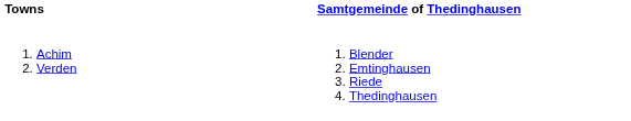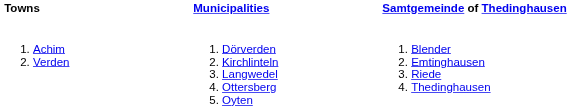 <table>
 <tr>
 <th align=left width=33%>Towns</th>
+<th align=left width=33%><a href='#'>Municipalities</a></th>
 <th align=left width=33%><a href='#'>Samtgemeinde</a> of <a href='#'>Thedinghausen</a></th>
 </tr>
 <tr valign=top>
 <td><br><ol><li><a href='#'>Achim</a></li><li><a href='#'>Verden</a></li></ol></td>
+<td><br><ol><li><a href='#'>Dörverden</a></li><li><a href='#'>Kirchlinteln</a></li><li><a href='#'>Langwedel</a></li><li><a href='#'>Ottersberg</a></li><li><a href='#'>Oyten</a></li></ol></td>
 <td><br><ol><li><a href='#'>Blender</a></li><li><a href='#'>Emtinghausen</a></li><li><a href='#'>Riede</a></li><li><a href='#'>Thedinghausen</a></li></ol></td>
 </tr>
 </table>
